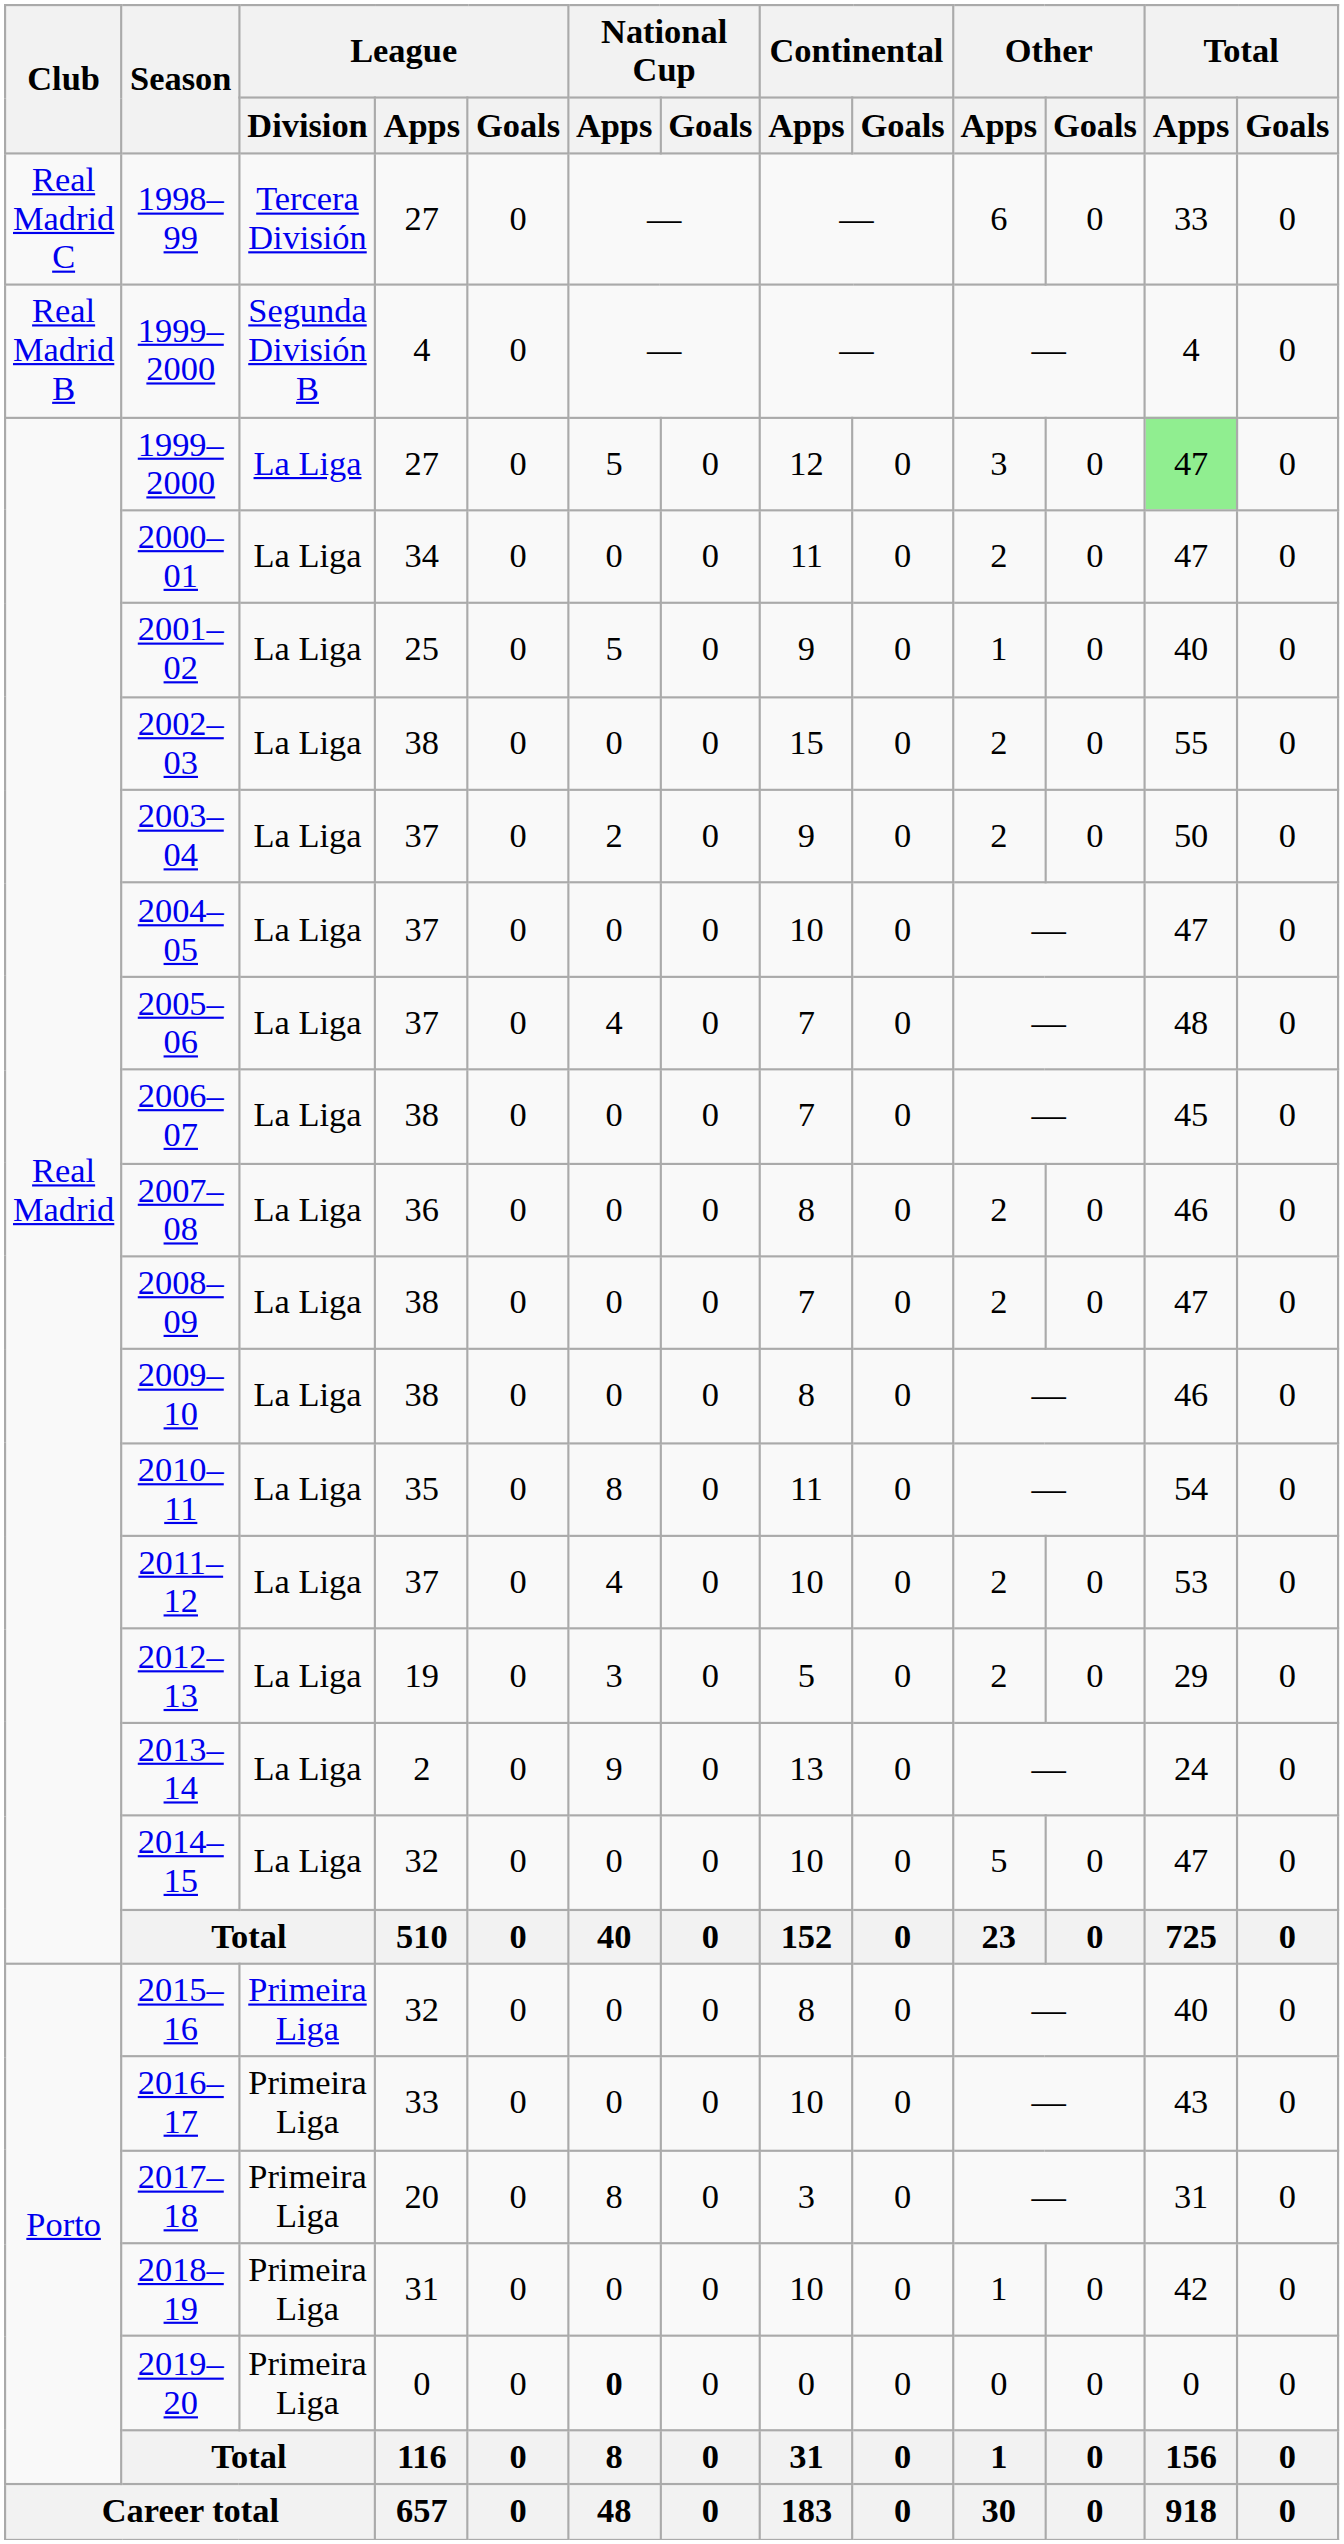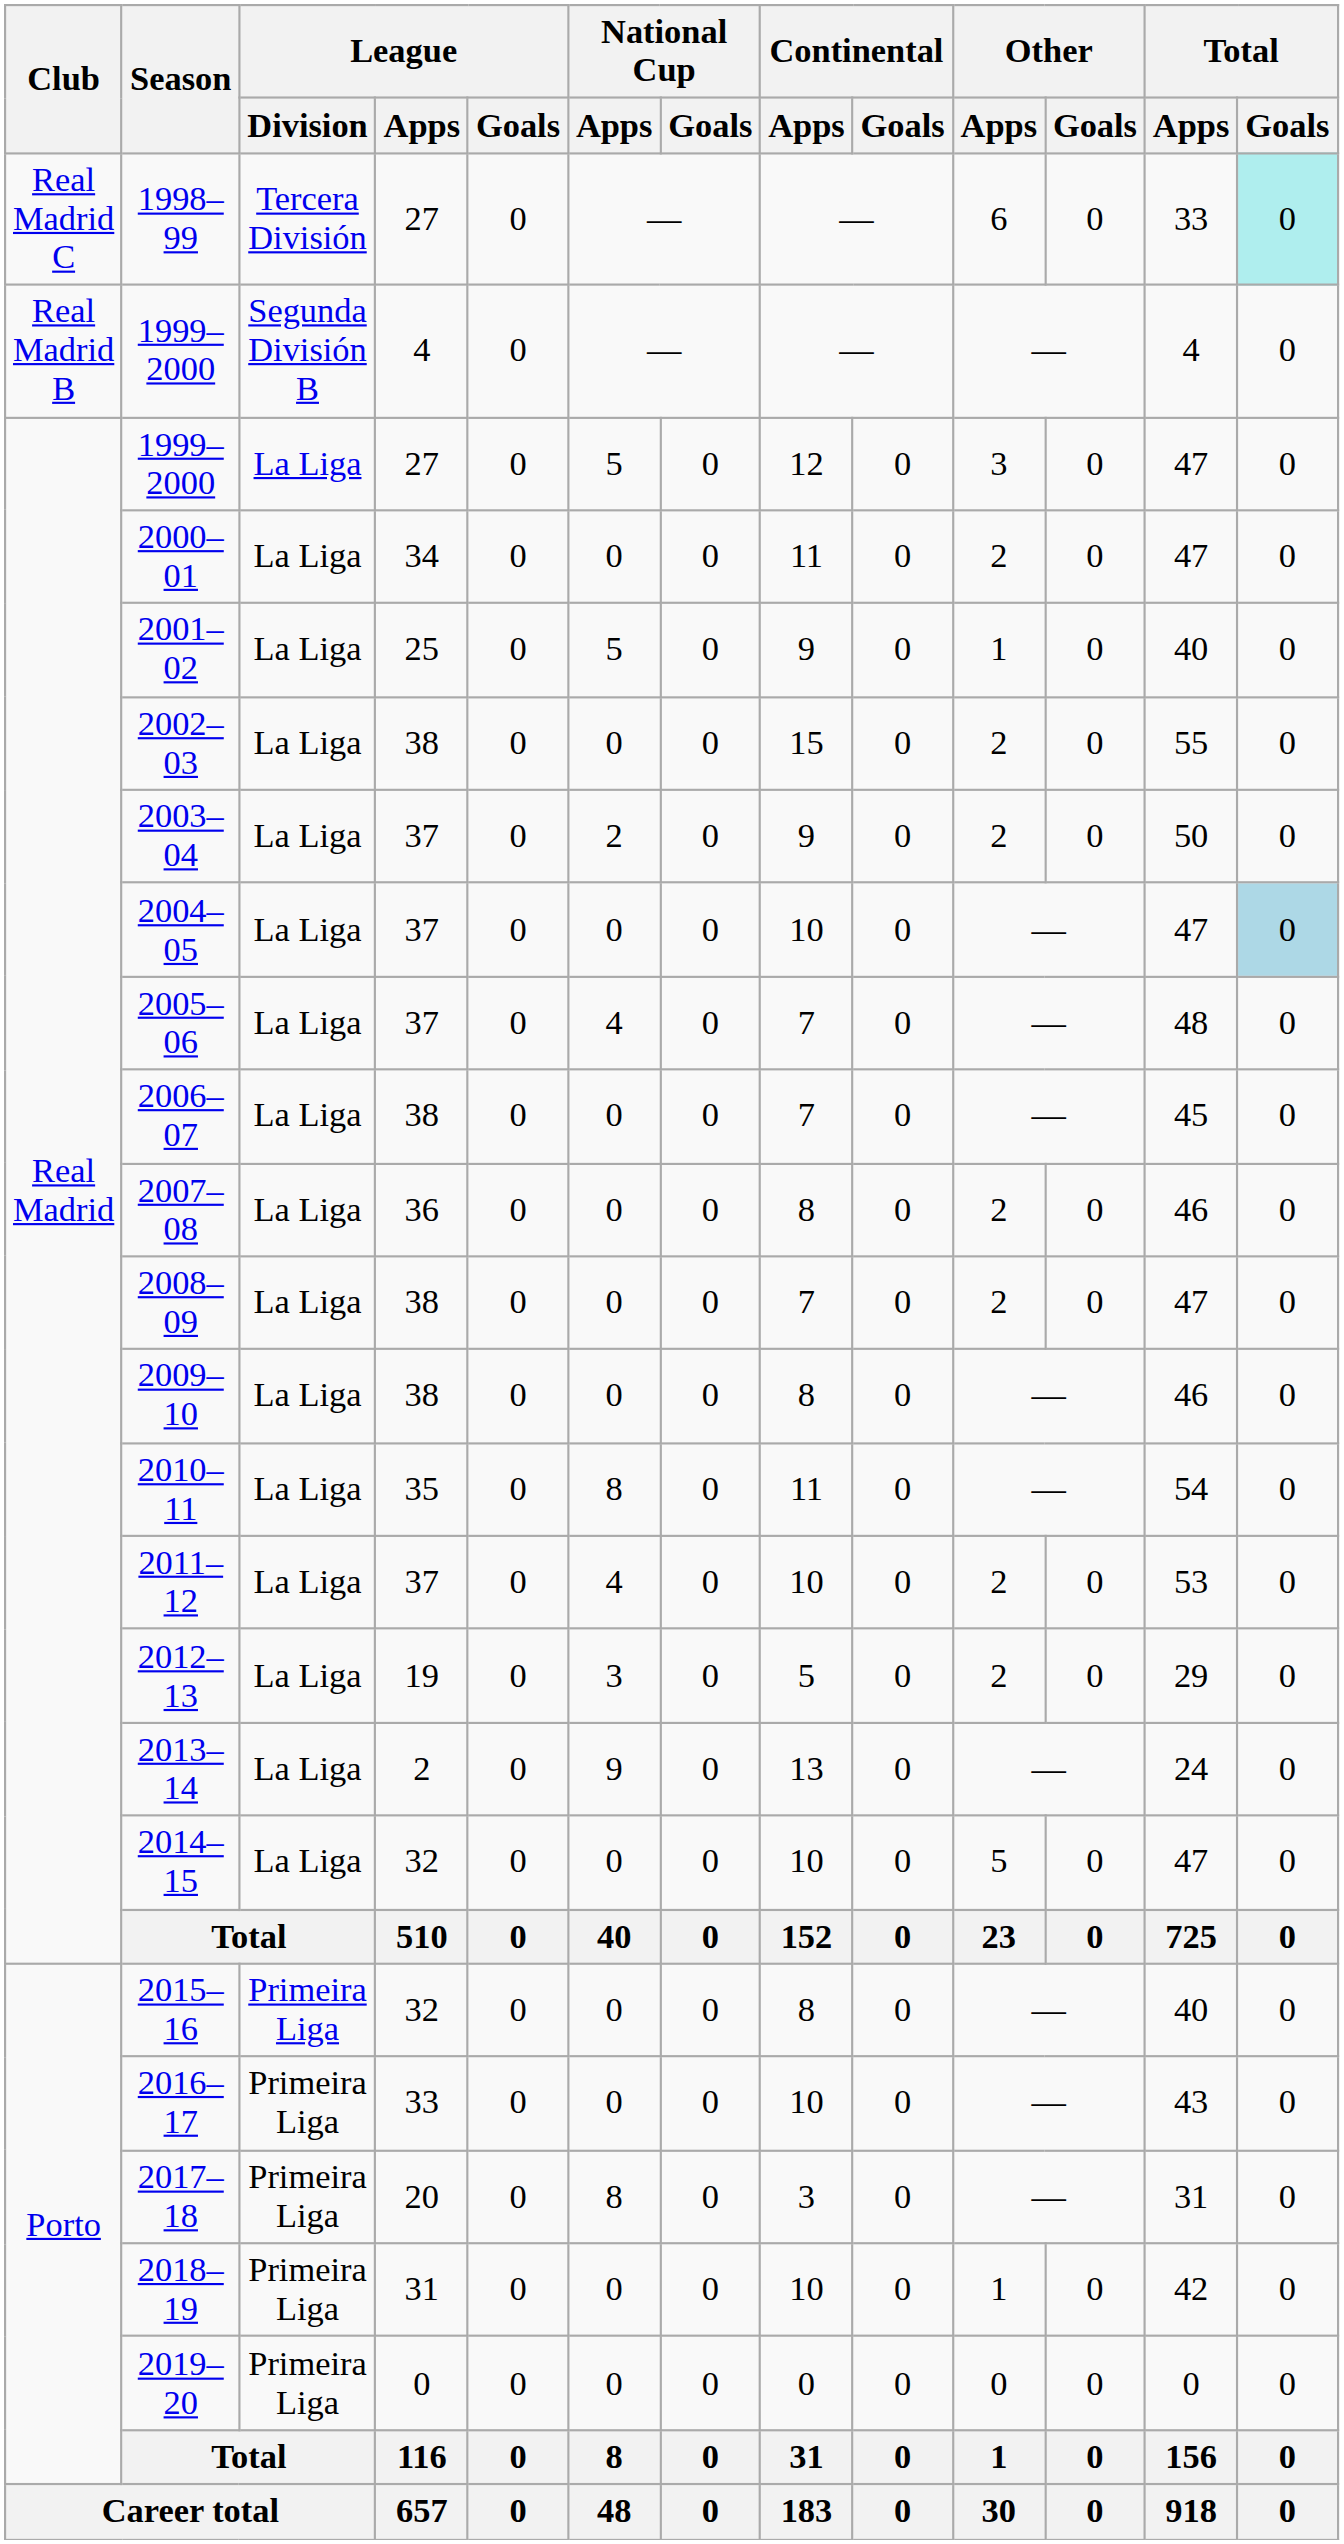 <table class="wikitable" style="text-align: center;">
 <tr>
 <th rowspan="2">Club</th>
 <th rowspan="2">Season</th>
 <th colspan="3">League</th>
 <th colspan="2">National Cup</th>
 <th colspan="2">Continental</th>
 <th colspan="2">Other</th>
 <th colspan="2">Total</th>
 </tr>
 <tr>
 <th>Division</th>
 <th>Apps</th>
 <th>Goals</th>
 <th>Apps</th>
 <th>Goals</th>
 <th>Apps</th>
 <th>Goals</th>
 <th>Apps</th>
 <th>Goals</th>
 <th>Apps</th>
 <th>Goals</th>
 </tr>
 <tr>
 <td><a href='#'>Real Madrid C</a></td>
 <td><a href='#'>1998–99</a></td>
 <td><a href='#'>Tercera División</a></td>
 <td>27</td>
 <td>0</td>
 <td colspan="2">—</td>
 <td colspan="2">—</td>
 <td>6</td>
 <td>0</td>
 <td>33</td>
-<td>0</td>
+<td style="background: paleturquoise;">0</td>
 </tr>
 <tr>
 <td><a href='#'>Real Madrid B</a></td>
 <td><a href='#'>1999–2000</a></td>
 <td><a href='#'>Segunda División B</a></td>
 <td>4</td>
 <td>0</td>
 <td colspan="2">—</td>
 <td colspan="2">—</td>
 <td colspan="2">—</td>
 <td>4</td>
 <td>0</td>
 </tr>
 <tr>
 <td rowspan="17"><a href='#'>Real Madrid</a></td>
 <td><a href='#'>1999–2000</a></td>
 <td><a href='#'>La Liga</a></td>
 <td>27</td>
 <td>0</td>
 <td>5</td>
 <td>0</td>
 <td>12</td>
 <td>0</td>
 <td>3</td>
 <td>0</td>
-<td style="background: lightgreen;">47</td>
+<td>47</td>
 <td>0</td>
 </tr>
 <tr>
 <td><a href='#'>2000–01</a></td>
 <td>La Liga</td>
 <td>34</td>
 <td>0</td>
 <td>0</td>
 <td>0</td>
 <td>11</td>
 <td>0</td>
 <td>2</td>
 <td>0</td>
 <td>47</td>
 <td>0</td>
 </tr>
 <tr>
 <td><a href='#'>2001–02</a></td>
 <td>La Liga</td>
 <td>25</td>
 <td>0</td>
 <td>5</td>
 <td>0</td>
 <td>9</td>
 <td>0</td>
 <td>1</td>
 <td>0</td>
 <td>40</td>
 <td>0</td>
 </tr>
 <tr>
 <td><a href='#'>2002–03</a></td>
 <td>La Liga</td>
 <td>38</td>
 <td>0</td>
 <td>0</td>
 <td>0</td>
 <td>15</td>
 <td>0</td>
 <td>2</td>
 <td>0</td>
 <td>55</td>
 <td>0</td>
 </tr>
 <tr>
 <td><a href='#'>2003–04</a></td>
 <td>La Liga</td>
 <td>37</td>
 <td>0</td>
 <td>2</td>
 <td>0</td>
 <td>9</td>
 <td>0</td>
 <td>2</td>
 <td>0</td>
 <td>50</td>
 <td>0</td>
 </tr>
 <tr>
 <td><a href='#'>2004–05</a></td>
 <td>La Liga</td>
 <td>37</td>
 <td>0</td>
 <td>0</td>
 <td>0</td>
 <td>10</td>
 <td>0</td>
 <td colspan="2">—</td>
 <td>47</td>
-<td>0</td>
+<td style="background: lightblue;">0</td>
 </tr>
 <tr>
 <td><a href='#'>2005–06</a></td>
 <td>La Liga</td>
 <td>37</td>
 <td>0</td>
 <td>4</td>
 <td>0</td>
 <td>7</td>
 <td>0</td>
 <td colspan="2">—</td>
 <td>48</td>
 <td>0</td>
 </tr>
 <tr>
 <td><a href='#'>2006–07</a></td>
 <td>La Liga</td>
 <td>38</td>
 <td>0</td>
 <td>0</td>
 <td>0</td>
 <td>7</td>
 <td>0</td>
 <td colspan="2">—</td>
 <td>45</td>
 <td>0</td>
 </tr>
 <tr>
 <td><a href='#'>2007–08</a></td>
 <td>La Liga</td>
 <td>36</td>
 <td>0</td>
 <td>0</td>
 <td>0</td>
 <td>8</td>
 <td>0</td>
 <td>2</td>
 <td>0</td>
 <td>46</td>
 <td>0</td>
 </tr>
 <tr>
 <td><a href='#'>2008–09</a></td>
 <td>La Liga</td>
 <td>38</td>
 <td>0</td>
 <td>0</td>
 <td>0</td>
 <td>7</td>
 <td>0</td>
 <td>2</td>
 <td>0</td>
 <td>47</td>
 <td>0</td>
 </tr>
 <tr>
 <td><a href='#'>2009–10</a></td>
 <td>La Liga</td>
 <td>38</td>
 <td>0</td>
 <td>0</td>
 <td>0</td>
 <td>8</td>
 <td>0</td>
 <td colspan="2">—</td>
 <td>46</td>
 <td>0</td>
 </tr>
 <tr>
 <td><a href='#'>2010–11</a></td>
 <td>La Liga</td>
 <td>35</td>
 <td>0</td>
 <td>8</td>
 <td>0</td>
 <td>11</td>
 <td>0</td>
 <td colspan="2">—</td>
 <td>54</td>
 <td>0</td>
 </tr>
 <tr>
 <td><a href='#'>2011–12</a></td>
 <td>La Liga</td>
 <td>37</td>
 <td>0</td>
 <td>4</td>
 <td>0</td>
 <td>10</td>
 <td>0</td>
 <td>2</td>
 <td>0</td>
 <td>53</td>
 <td>0</td>
 </tr>
 <tr>
 <td><a href='#'>2012–13</a></td>
 <td>La Liga</td>
 <td>19</td>
 <td>0</td>
 <td>3</td>
 <td>0</td>
 <td>5</td>
 <td>0</td>
 <td>2</td>
 <td>0</td>
 <td>29</td>
 <td>0</td>
 </tr>
 <tr>
 <td><a href='#'>2013–14</a></td>
 <td>La Liga</td>
 <td>2</td>
 <td>0</td>
 <td>9</td>
 <td>0</td>
 <td>13</td>
 <td>0</td>
 <td colspan="2">—</td>
 <td>24</td>
 <td>0</td>
 </tr>
 <tr>
 <td><a href='#'>2014–15</a></td>
 <td>La Liga</td>
 <td>32</td>
 <td>0</td>
 <td>0</td>
 <td>0</td>
 <td>10</td>
 <td>0</td>
 <td>5</td>
 <td>0</td>
 <td>47</td>
 <td>0</td>
 </tr>
 <tr>
 <th colspan="2">Total</th>
 <th>510</th>
 <th>0</th>
 <th>40</th>
 <th>0</th>
 <th>152</th>
 <th>0</th>
 <th>23</th>
 <th>0</th>
 <th>725</th>
 <th>0</th>
 </tr>
 <tr>
 <td rowspan="6"><a href='#'>Porto</a></td>
 <td><a href='#'>2015–16</a></td>
 <td><a href='#'>Primeira Liga</a></td>
 <td>32</td>
 <td>0</td>
 <td>0</td>
 <td>0</td>
 <td>8</td>
 <td>0</td>
 <td colspan="2">—</td>
 <td>40</td>
 <td>0</td>
 </tr>
 <tr>
 <td><a href='#'>2016–17</a></td>
 <td>Primeira Liga</td>
 <td>33</td>
 <td>0</td>
 <td>0</td>
 <td>0</td>
 <td>10</td>
 <td>0</td>
 <td colspan="2">—</td>
 <td>43</td>
 <td>0</td>
 </tr>
 <tr>
 <td><a href='#'>2017–18</a></td>
 <td>Primeira Liga</td>
 <td>20</td>
 <td>0</td>
 <td>8</td>
 <td>0</td>
 <td>3</td>
 <td>0</td>
 <td colspan="2">—</td>
 <td>31</td>
 <td>0</td>
 </tr>
 <tr>
 <td><a href='#'>2018–19</a></td>
 <td>Primeira Liga</td>
 <td>31</td>
 <td>0</td>
 <td>0</td>
 <td>0</td>
 <td>10</td>
 <td>0</td>
 <td>1</td>
 <td>0</td>
 <td>42</td>
 <td>0</td>
 </tr>
 <tr>
 <td><a href='#'>2019–20</a></td>
 <td>Primeira Liga</td>
 <td>0</td>
 <td>0</td>
-<td><strong>0</strong></td>
+<td>0</td>
 <td>0</td>
 <td>0</td>
 <td>0</td>
 <td>0</td>
 <td>0</td>
 <td>0</td>
 <td>0</td>
 </tr>
 <tr>
 <th colspan="2">Total</th>
 <th>116</th>
 <th>0</th>
 <th>8</th>
 <th>0</th>
 <th>31</th>
 <th>0</th>
 <th>1</th>
 <th>0</th>
 <th>156</th>
 <th>0</th>
 </tr>
 <tr>
 <th colspan="3">Career total</th>
 <th>657</th>
 <th>0</th>
 <th>48</th>
 <th>0</th>
 <th>183</th>
 <th>0</th>
 <th>30</th>
 <th>0</th>
 <th>918</th>
 <th>0</th>
 </tr>
 </table>
